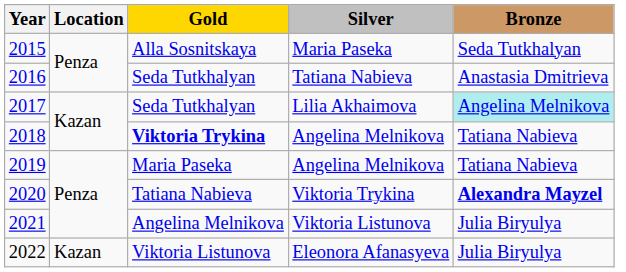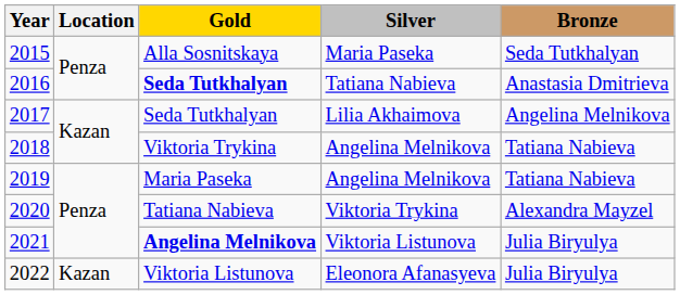 <table class="wikitable">
 <tr>
 <th>Year</th>
 <th>Location</th>
 <td align=center bgcolor="gold"><strong>Gold</strong></td>
 <td align=center bgcolor="silver"><strong>Silver</strong></td>
 <td align=center bgcolor="cc9966"><strong>Bronze</strong></td>
 </tr>
 <tr>
 <td><a href='#'>2015</a></td>
 <td rowspan="2">Penza</td>
 <td><a href='#'>Alla Sosnitskaya</a></td>
 <td><a href='#'>Maria Paseka</a></td>
 <td><a href='#'>Seda Tutkhalyan</a></td>
 </tr>
 <tr>
 <td><a href='#'>2016</a></td>
-<td><a href='#'>Seda Tutkhalyan</a></td>
+<td><strong><a href='#'>Seda Tutkhalyan</a></strong></td>
 <td><a href='#'>Tatiana Nabieva</a></td>
 <td><a href='#'>Anastasia Dmitrieva</a></td>
 </tr>
 <tr>
 <td><a href='#'>2017</a></td>
 <td rowspan="2">Kazan</td>
 <td><a href='#'>Seda Tutkhalyan</a></td>
 <td><a href='#'>Lilia Akhaimova</a></td>
-<td style="background: paleturquoise;"><a href='#'>Angelina Melnikova</a></td>
+<td><a href='#'>Angelina Melnikova</a></td>
 </tr>
 <tr>
 <td><a href='#'>2018</a></td>
-<td><strong><a href='#'>Viktoria Trykina</a></strong></td>
+<td><a href='#'>Viktoria Trykina</a></td>
 <td><a href='#'>Angelina Melnikova</a></td>
 <td><a href='#'>Tatiana Nabieva</a></td>
 </tr>
 <tr>
 <td><a href='#'>2019</a></td>
 <td rowspan="3">Penza</td>
 <td><a href='#'>Maria Paseka</a></td>
 <td><a href='#'>Angelina Melnikova</a></td>
 <td><a href='#'>Tatiana Nabieva</a></td>
 </tr>
 <tr>
 <td><a href='#'>2020</a></td>
 <td><a href='#'>Tatiana Nabieva</a></td>
 <td><a href='#'>Viktoria Trykina</a></td>
-<td><strong><a href='#'>Alexandra Mayzel</a></strong></td>
+<td><a href='#'>Alexandra Mayzel</a></td>
 </tr>
 <tr>
 <td><a href='#'>2021</a></td>
-<td><a href='#'>Angelina Melnikova</a></td>
+<td><strong><a href='#'>Angelina Melnikova</a></strong></td>
 <td><a href='#'>Viktoria Listunova</a></td>
 <td><a href='#'>Julia Biryulya</a></td>
 </tr>
 <tr>
 <td>2022</td>
 <td>Kazan</td>
 <td><a href='#'>Viktoria Listunova</a></td>
 <td><a href='#'>Eleonora Afanasyeva</a></td>
 <td><a href='#'>Julia Biryulya</a></td>
 </tr>
 </table>
